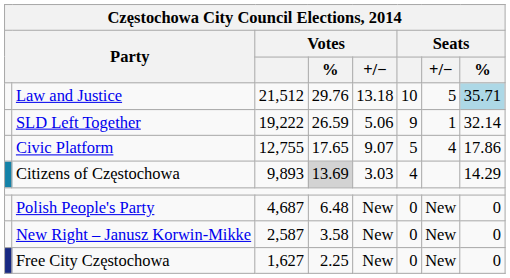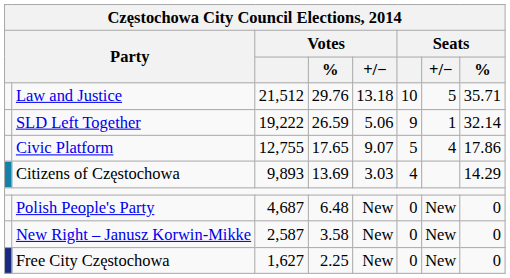 <table class="wikitable">
 <tr>
 <th colspan=8>Częstochowa City Council Elections, 2014</th>
 </tr>
 <tr>
 <th rowspan="2" colspan="2">Party</th>
 <th colspan="3">Votes</th>
 <th colspan="3">Seats</th>
 </tr>
 <tr>
 <th></th>
 <th>%</th>
 <th>+/−</th>
 <th></th>
 <th>+/−</th>
 <th>%</th>
 </tr>
 <tr>
 <td style="background-color:"></td>
 <td><a href='#'>Law and Justice</a></td>
 <td align="right">21,512</td>
 <td align="right">29.76</td>
 <td align="right"> 13.18</td>
 <td align="right">10</td>
 <td align="right"> 5</td>
-<td align="right" style="background: lightblue;">35.71</td>
+<td align="right">35.71</td>
 </tr>
 <tr>
 <td style="background-color:"></td>
 <td><a href='#'>SLD Left Together</a></td>
 <td align="right">19,222</td>
 <td align="right">26.59</td>
 <td align="right"> 5.06</td>
 <td align="right">9</td>
 <td align="right"> 1</td>
 <td align="right">32.14</td>
 </tr>
 <tr>
 <td style="background-color:"></td>
 <td><a href='#'>Civic Platform</a></td>
 <td align="right">12,755</td>
 <td align="right">17.65</td>
 <td align="right"> 9.07</td>
 <td align="right">5</td>
 <td align="right"> 4</td>
 <td align="right">17.86</td>
 </tr>
 <tr>
 <td style="background-color:#1482a8"></td>
 <td>Citizens of Częstochowa</td>
 <td align="right">9,893</td>
-<td align="right" style="background: lightgrey;">13.69</td>
+<td align="right">13.69</td>
 <td align="right"> 3.03</td>
 <td align="right">4</td>
 <td align="right"></td>
 <td align="right">14.29</td>
 </tr>
 <tr>
 <td colspan=8></td>
 </tr>
 <tr>
 <td style="background-color:"></td>
 <td><a href='#'>Polish People's Party</a></td>
 <td align="right">4,687</td>
 <td align="right">6.48</td>
 <td align="right">New</td>
 <td align="right">0</td>
 <td align="right">New</td>
 <td align="right">0</td>
 </tr>
 <tr>
 <td style="background-color:"></td>
 <td><a href='#'>New Right – Janusz Korwin-Mikke</a></td>
 <td align="right">2,587</td>
 <td align="right">3.58</td>
 <td align="right">New</td>
 <td align="right">0</td>
 <td align="right">New</td>
 <td align="right">0</td>
 </tr>
 <tr>
 <td style="background-color:#182983"></td>
 <td>Free City Częstochowa</td>
 <td align="right">1,627</td>
 <td align="right">2.25</td>
 <td align="right">New</td>
 <td align="right">0</td>
 <td align="right">New</td>
 <td align="right">0</td>
 </tr>
 </table>
